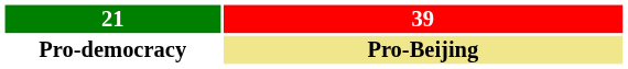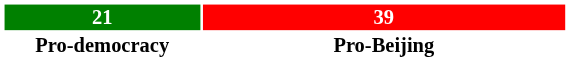 <table style="width:50%; text-align:center;">
 <tr style="color:white;">
 <td style="background:green; width:35.00%;"><strong>21</strong></td>
 <td style="background:red; width:65.00%;"><strong>39</strong></td>
 </tr>
 <tr>
 <td><span><strong>Pro-democracy</strong></span></td>
-<td style="background: khaki;"><span><strong>Pro-Beijing</strong></span></td>
+<td><span><strong>Pro-Beijing</strong></span></td>
 </tr>
 </table>
